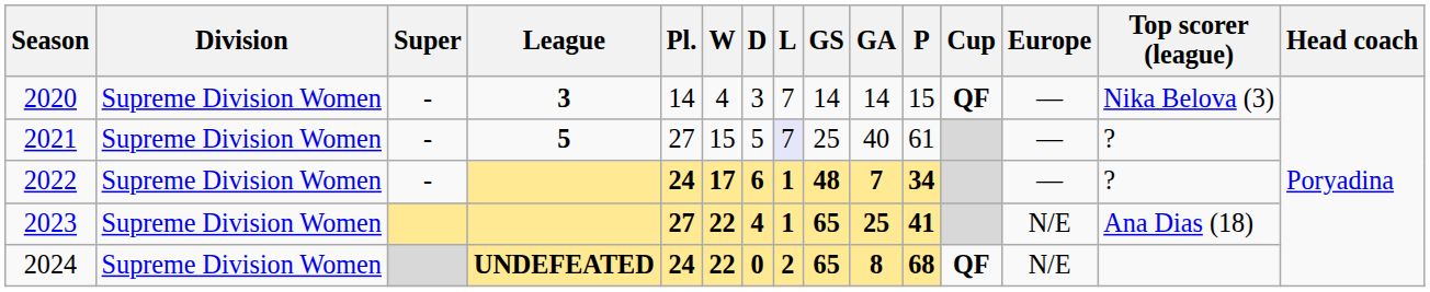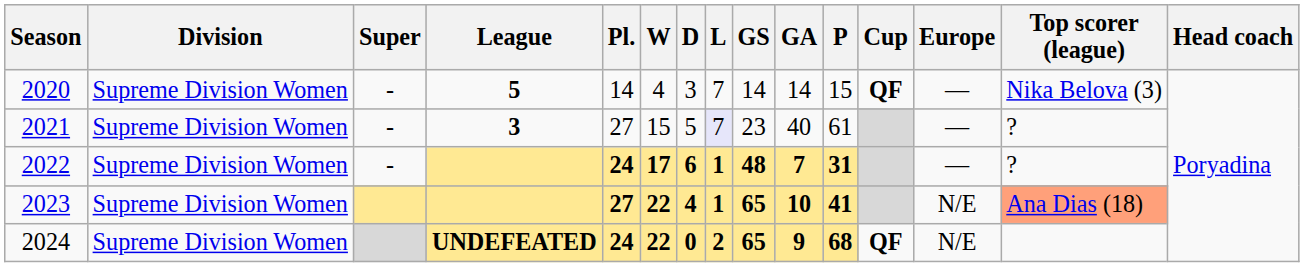 <table class="wikitable">
 <tr style="background:#efefef;">
 <th>Season</th>
 <th>Division</th>
 <th>Super</th>
 <th>League</th>
 <th>Pl.</th>
 <th>W</th>
 <th>D</th>
 <th>L</th>
 <th>GS</th>
 <th>GA</th>
 <th>P</th>
 <th>Cup</th>
 <th colspan=2>Europe</th>
 <th>Top scorer <br>(league)</th>
 <th>Head coach</th>
 </tr>
 <tr>
 <td align=center><a href='#'>2020</a></td>
 <td style="text-align:center; background:;"><a href='#'>Supreme Division Women</a></td>
 <td align=center>-</td>
-<td align=center><strong>3</strong></td>
+<td align=center><strong>5</strong></td>
 <td align=center>14</td>
 <td align=center>4</td>
 <td align=center>3</td>
 <td align=center>7</td>
 <td align=center>14</td>
 <td align=center>14</td>
 <td align=center>15</td>
 <td align=center><strong>QF</strong></td>
 <td align=center colspan="2">—</td>
 <td align=left> <a href='#'>Nika Belova</a> (3)</td>
 <td align=left rowspan=5> <a href='#'>Poryadina</a></td>
 </tr>
 <tr>
 <td align=center><a href='#'>2021</a></td>
 <td style="text-align:center; background:;"><a href='#'>Supreme Division Women</a></td>
 <td align=center>-</td>
-<td align=center><strong>5</strong></td>
+<td align=center><strong>3</strong></td>
 <td align=center>27</td>
 <td align=center>15</td>
 <td align=center>5</td>
 <td align=center style="background: lavender;">7</td>
-<td align=center>25</td>
+<td align=center>23</td>
 <td align=center>40</td>
 <td align=center>61</td>
 <td align=center style="background:#d8d8d8;"></td>
 <td align=center colspan="2">—</td>
 <td align=left>?</td>
 </tr>
 <tr>
 <td align=center><a href='#'>2022</a></td>
 <td style="text-align:center; background:;"><a href='#'>Supreme Division Women</a></td>
 <td align=center>-</td>
 <td align=center style="background:#FFE993;"></td>
 <td align=center style="background:#FFE993;"><strong>24</strong></td>
 <td align=center style="background:#FFE993;"><strong>17</strong></td>
 <td align=center style="background:#FFE993;"><strong>6</strong></td>
 <td align=center style="background:#FFE993;"><strong>1</strong></td>
 <td align=center style="background:#FFE993;"><strong>48</strong></td>
 <td align=center style="background:#FFE993;"><strong>7</strong></td>
-<td align=center style="background:#FFE993;"><strong>34</strong></td>
+<td align=center style="background:#FFE993;"><strong>31</strong></td>
 <td align=center style="background:#d8d8d8;"></td>
 <td align=center colspan="2">—</td>
 <td align=left>?</td>
 </tr>
 <tr>
 <td align=center><a href='#'>2023</a></td>
 <td style="text-align:center; background:;"><a href='#'>Supreme Division Women</a></td>
 <td align=center style="background:#FFE993;"></td>
 <td align=center style="background:#FFE993;"></td>
 <td align=center style="background:#FFE993;"><strong>27</strong></td>
 <td align=center style="background:#FFE993;"><strong>22</strong></td>
 <td align=center style="background:#FFE993;"><strong>4</strong></td>
 <td align=center style="background:#FFE993;"><strong>1</strong></td>
 <td align=center style="background:#FFE993;"><strong>65</strong></td>
-<td align=center style="background:#FFE993;"><strong>25</strong></td>
+<td align=center style="background:#FFE993;"><strong>10</strong></td>
 <td align=center style="background:#FFE993;"><strong>41</strong></td>
 <td align=center style="background:#d8d8d8;"></td>
 <td align=center colspan="2">N/E</td>
-<td align=left> <a href='#'>Ana Dias</a> (18)</td>
+<td align=left style="background: lightsalmon;"> <a href='#'>Ana Dias</a> (18)</td>
 </tr>
 <tr>
 <td align=center>2024</td>
 <td style="text-align:center; background:;"><a href='#'>Supreme Division Women</a></td>
 <td align=center style="background:#d8d8d8;"></td>
 <td align=center style="background:#FFE993;"> <strong>UNDEFEATED</strong></td>
 <td align=center style="background:#FFE993;"><strong>24</strong></td>
 <td align=center style="background:#FFE993;"><strong>22</strong></td>
 <td align=center style="background:#FFE993;"><strong>0</strong></td>
 <td align=center style="background:#FFE993;"><strong>2</strong></td>
 <td align=center style="background:#FFE993;"><strong>65</strong></td>
-<td align=center style="background:#FFE993;"><strong>8</strong></td>
+<td align=center style="background:#FFE993;"><strong>9</strong></td>
 <td align=center style="background:#FFE993;"><strong>68</strong></td>
 <td align=center><strong>QF</strong></td>
 <td align=center colspan="2">N/E</td>
 <td align=left></td>
 </tr>
 </table>
